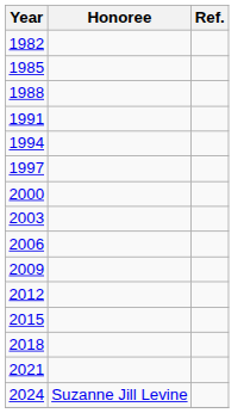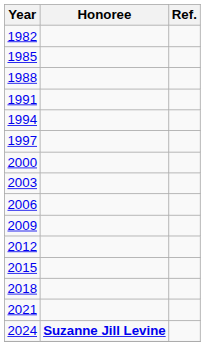 <table class="wikitable sortable mw-collapsible">
 <tr>
 <th>Year</th>
 <th>Honoree</th>
 <th>Ref.</th>
 </tr>
 <tr>
 <td><a href='#'>1982</a></td>
 <td></td>
 <td></td>
 </tr>
 <tr>
 <td><a href='#'>1985</a></td>
 <td></td>
 <td></td>
 </tr>
 <tr>
 <td><a href='#'>1988</a></td>
 <td></td>
 <td></td>
 </tr>
 <tr>
 <td><a href='#'>1991</a></td>
 <td></td>
 <td></td>
 </tr>
 <tr>
 <td><a href='#'>1994</a></td>
 <td></td>
 <td></td>
 </tr>
 <tr>
 <td><a href='#'>1997</a></td>
 <td></td>
 <td></td>
 </tr>
 <tr>
 <td><a href='#'>2000</a></td>
 <td></td>
 <td></td>
 </tr>
 <tr>
 <td><a href='#'>2003</a></td>
 <td></td>
 <td></td>
 </tr>
 <tr>
 <td><a href='#'>2006</a></td>
 <td></td>
 <td></td>
 </tr>
 <tr>
 <td><a href='#'>2009</a></td>
 <td></td>
 <td></td>
 </tr>
 <tr>
 <td><a href='#'>2012</a></td>
 <td></td>
 <td></td>
 </tr>
 <tr>
 <td><a href='#'>2015</a></td>
 <td></td>
 <td></td>
 </tr>
 <tr>
 <td><a href='#'>2018</a></td>
 <td></td>
 <td></td>
 </tr>
 <tr>
 <td><a href='#'>2021</a></td>
 <td></td>
 <td></td>
 </tr>
 <tr>
 <td><a href='#'>2024</a></td>
-<td><a href='#'>Suzanne Jill Levine</a></td>
+<td><strong><a href='#'>Suzanne Jill Levine</a></strong></td>
 <td></td>
 </tr>
 <tr>
 </tr>
 </table>
